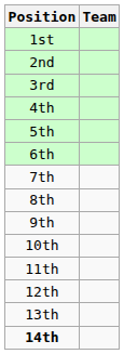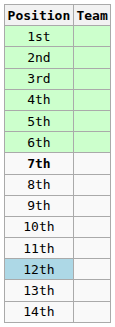 <table class="wikitable">
 <tr>
 <th>Position</th>
 <th>Team</th>
 </tr>
 <tr style="background:#cfc">
 <td style="text-align:center">1st</td>
 <td></td>
 </tr>
 <tr style="background:#cfc">
 <td style="text-align:center">2nd</td>
 <td></td>
 </tr>
 <tr style="background:#cfc">
 <td style="text-align:center">3rd</td>
 <td></td>
 </tr>
 <tr style="background:#cfc">
 <td style="text-align:center">4th</td>
 <td></td>
 </tr>
 <tr style="background:#cfc">
 <td style="text-align:center">5th</td>
 <td></td>
 </tr>
 <tr style="background:#cfc">
 <td style="text-align:center">6th</td>
 <td></td>
 </tr>
 <tr>
-<td style="text-align:center">7th</td>
+<td style="text-align:center"><strong>7th</strong></td>
 <td></td>
 </tr>
 <tr>
 <td style="text-align:center">8th</td>
 <td></td>
 </tr>
 <tr>
 <td style="text-align:center">9th</td>
 <td></td>
 </tr>
 <tr>
 <td style="text-align:center">10th</td>
 <td></td>
 </tr>
 <tr>
 <td style="text-align:center">11th</td>
 <td></td>
 </tr>
 <tr>
-<td style="text-align:center">12th</td>
+<td style="background: lightblue; text-align:center">12th</td>
 <td></td>
 </tr>
 <tr>
 <td style="text-align:center">13th</td>
 <td></td>
 </tr>
 <tr>
-<td style="text-align:center"><strong>14th</strong></td>
+<td style="text-align:center">14th</td>
 <td></td>
 </tr>
 </table>
